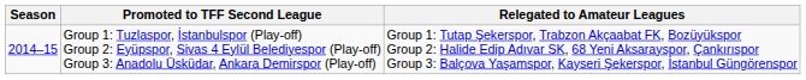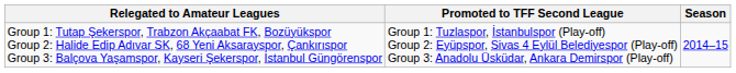 <table class="wikitable">
 <tr>
+<th>Relegated to Amateur Leagues</th>
+<th>Promoted to TFF Second League</th>
 <th>Season</th>
-<th>Promoted to TFF Second League</th>
-<th>Relegated to Amateur Leagues</th>
 </tr>
 <tr>
+<td>Group 1: <a href='#'>Tutap Şekerspor</a>, <a href='#'>Trabzon Akçaabat FK</a>, <a href='#'>Bozüyükspor</a><br> Group 2: <a href='#'>Halide Edip Adıvar SK</a>, <a href='#'>68 Yeni Aksarayspor</a>, <a href='#'>Çankırıspor</a><br>Group 3: <a href='#'>Balçova Yaşamspor</a>, <a href='#'>Kayseri Şekerspor</a>, <a href='#'>İstanbul Güngörenspor</a></td>
+<td>Group 1: <a href='#'>Tuzlaspor</a>, <a href='#'>İstanbulspor</a> (Play-off)<br>Group 2: <a href='#'>Eyüpspor</a>, <a href='#'>Sivas 4 Eylül Belediyespor</a> (Play-off)<br>Group 3: <a href='#'>Anadolu Üsküdar</a>, <a href='#'>Ankara Demirspor</a> (Play-off)</td>
 <td><a href='#'>2014–15</a></td>
-<td>Group 1: <a href='#'>Tuzlaspor</a>, <a href='#'>İstanbulspor</a> (Play-off)<br>Group 2: <a href='#'>Eyüpspor</a>, <a href='#'>Sivas 4 Eylül Belediyespor</a> (Play-off)<br>Group 3: <a href='#'>Anadolu Üsküdar</a>, <a href='#'>Ankara Demirspor</a> (Play-off)</td>
-<td>Group 1: <a href='#'>Tutap Şekerspor</a>, <a href='#'>Trabzon Akçaabat FK</a>, <a href='#'>Bozüyükspor</a><br> Group 2: <a href='#'>Halide Edip Adıvar SK</a>, <a href='#'>68 Yeni Aksarayspor</a>, <a href='#'>Çankırıspor</a><br>Group 3: <a href='#'>Balçova Yaşamspor</a>, <a href='#'>Kayseri Şekerspor</a>, <a href='#'>İstanbul Güngörenspor</a></td>
 </tr>
 </table>
